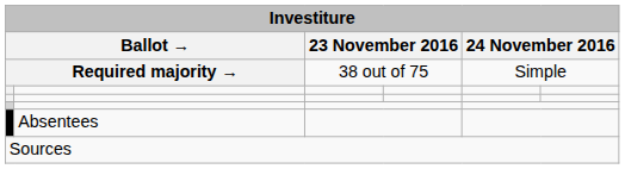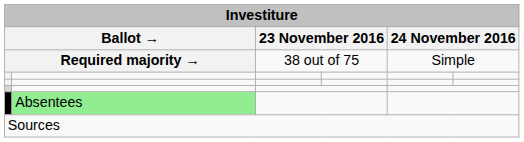 <table class="wikitable" style="text-align:center;">
 <tr bgcolor="#E9E9E9">
 <td colspan="6" align="center" bgcolor="#C0C0C0"><strong>Investiture</strong></td>
 </tr>
 <tr>
 <th colspan="2" width="275px">Ballot →</th>
 <th colspan="2">23 November 2016</th>
 <th colspan="2">24 November 2016</th>
 </tr>
 <tr>
 <th colspan="2">Required majority →</th>
 <td colspan="2">38 out of 75</td>
 <td colspan="2">Simple</td>
 </tr>
 <tr>
 <th width="1px" style="background:"></th>
 <td align="left"></td>
 <td></td>
 <td></td>
 <td></td>
 <td></td>
 </tr>
 <tr>
 <th style="color:inherit;background:"></th>
 <td align="left"></td>
 <td></td>
 <td></td>
 <td></td>
 <td></td>
 </tr>
 <tr>
 <th style="color:inherit;background:lightgray;"></th>
 <td align="left"></td>
 <td colspan="2"></td>
 <td colspan="2"></td>
 </tr>
 <tr>
 <th style="color:inherit;background:black;"></th>
-<td align="left"><span>Absentees</span></td>
+<td align="left" style="background: lightgreen;"><span>Absentees</span></td>
 <td colspan="2"></td>
 <td colspan="2"></td>
 </tr>
 <tr>
 <td align="left" colspan="6">Sources</td>
 </tr>
 </table>
